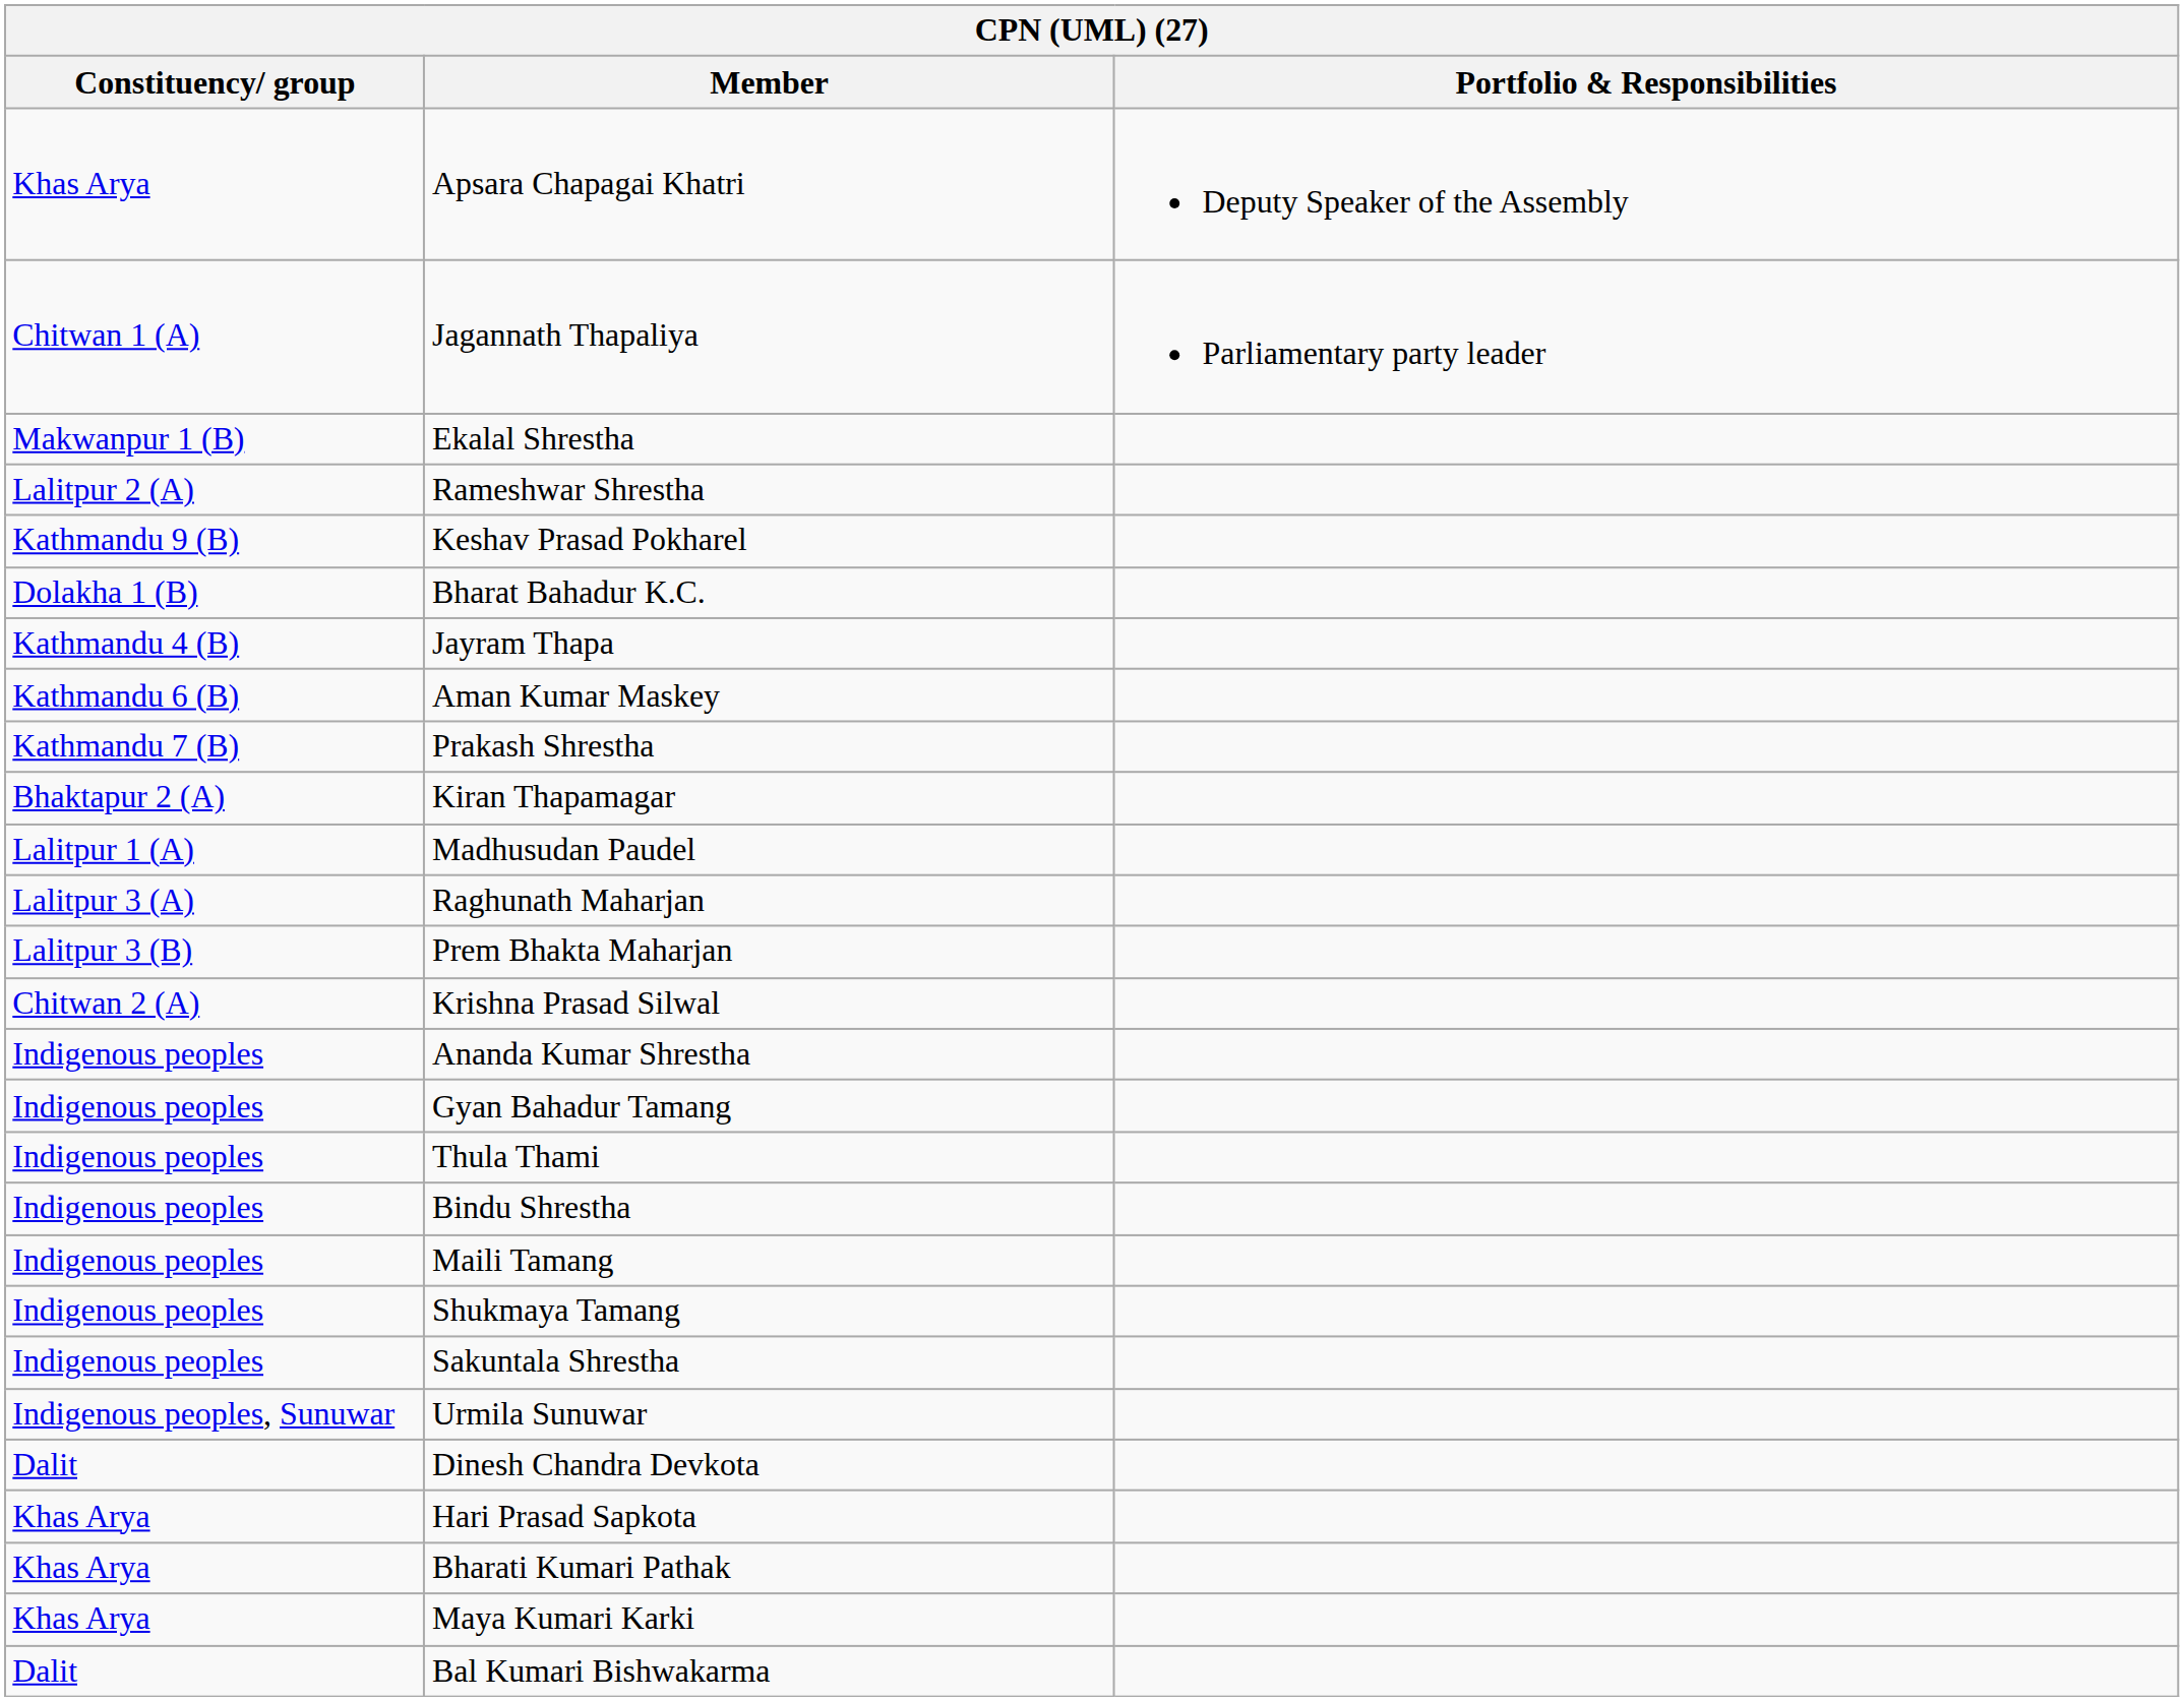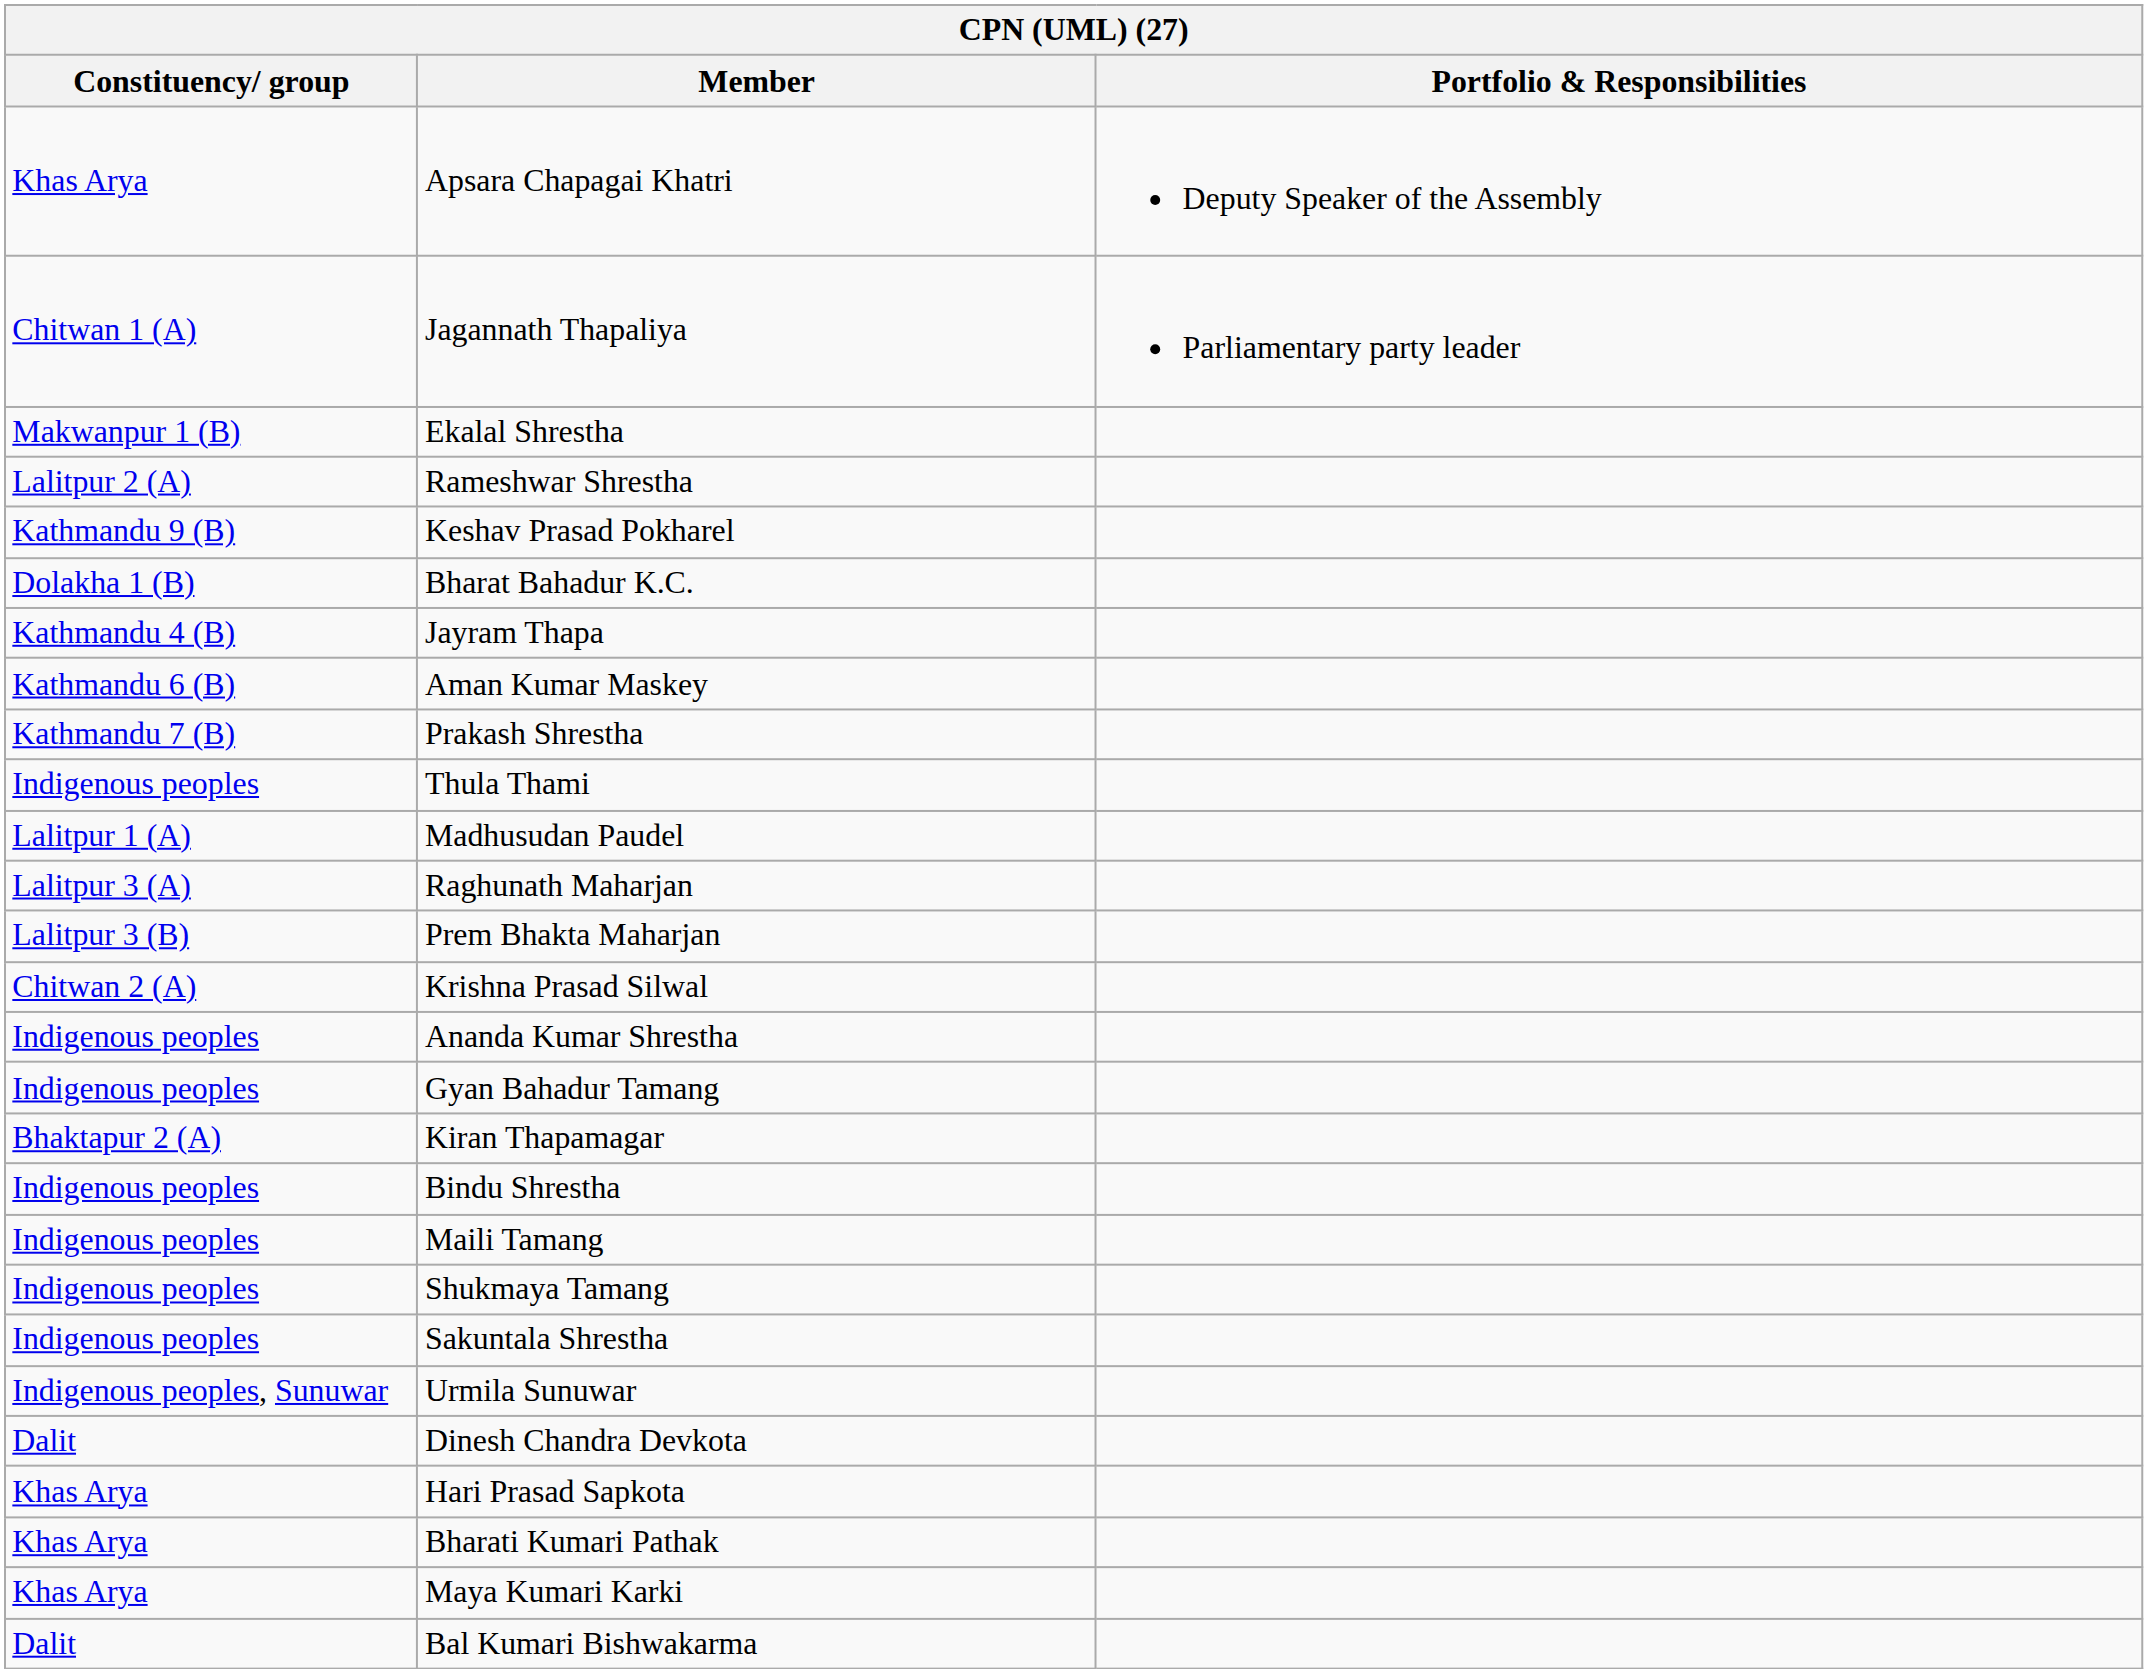 <table class="wikitable sortable mw-collapsible mw-collapsed">
 <tr>
 <th colspan="3" style="width: 800pt; background:">CPN (UML) (27)</th>
 </tr>
 <tr>
 <th style="width:150pt;">Constituency/ group</th>
 <th style="width:250pt;">Member</th>
 <th>Portfolio & Responsibilities</th>
 </tr>
 <tr>
 <td><a href='#'>Khas Arya</a></td>
 <td>Apsara Chapagai Khatri</td>
 <td><br><ul><li>Deputy Speaker of the Assembly</li></ul></td>
 </tr>
 <tr>
 <td><a href='#'>Chitwan 1 (A)</a></td>
 <td>Jagannath Thapaliya</td>
 <td><br><ul><li>Parliamentary party leader</li></ul></td>
 </tr>
 <tr>
 <td><a href='#'>Makwanpur 1 (B)</a></td>
 <td>Ekalal Shrestha</td>
 <td></td>
 </tr>
 <tr>
 <td><a href='#'>Lalitpur 2 (A)</a></td>
 <td>Rameshwar Shrestha</td>
 <td></td>
 </tr>
 <tr>
 <td><a href='#'>Kathmandu 9 (B)</a></td>
 <td>Keshav Prasad Pokharel</td>
 <td></td>
 </tr>
 <tr>
 <td><a href='#'>Dolakha 1 (B)</a></td>
 <td>Bharat Bahadur K.C.</td>
 <td></td>
 </tr>
 <tr>
 <td><a href='#'>Kathmandu 4 (B)</a></td>
 <td>Jayram Thapa</td>
 <td></td>
 </tr>
 <tr>
 <td><a href='#'>Kathmandu 6 (B)</a></td>
 <td>Aman Kumar Maskey</td>
 <td></td>
 </tr>
 <tr>
 <td><a href='#'>Kathmandu 7 (B)</a></td>
 <td>Prakash Shrestha</td>
 <td></td>
 </tr>
 <tr>
-<td><a href='#'>Bhaktapur 2 (A)</a></td>
-<td>Kiran Thapamagar</td>
+<td><a href='#'>Indigenous peoples</a></td>
+<td>Thula Thami</td>
 <td></td>
 </tr>
 <tr>
 <td><a href='#'>Lalitpur 1 (A)</a></td>
 <td>Madhusudan Paudel</td>
 <td></td>
 </tr>
 <tr>
 <td><a href='#'>Lalitpur 3 (A)</a></td>
 <td>Raghunath Maharjan</td>
 <td></td>
 </tr>
 <tr>
 <td><a href='#'>Lalitpur 3 (B)</a></td>
 <td>Prem Bhakta Maharjan</td>
 <td></td>
 </tr>
 <tr>
 <td><a href='#'>Chitwan 2 (A)</a></td>
 <td>Krishna Prasad Silwal</td>
 <td></td>
 </tr>
 <tr>
 <td><a href='#'>Indigenous peoples</a></td>
 <td>Ananda Kumar Shrestha</td>
 <td></td>
 </tr>
 <tr>
 <td><a href='#'>Indigenous peoples</a></td>
 <td>Gyan Bahadur Tamang</td>
 <td></td>
 </tr>
 <tr>
-<td><a href='#'>Indigenous peoples</a></td>
-<td>Thula Thami</td>
+<td><a href='#'>Bhaktapur 2 (A)</a></td>
+<td>Kiran Thapamagar</td>
 <td></td>
 </tr>
 <tr>
 <td><a href='#'>Indigenous peoples</a></td>
 <td>Bindu Shrestha</td>
 <td></td>
 </tr>
 <tr>
 <td><a href='#'>Indigenous peoples</a></td>
 <td>Maili Tamang</td>
 <td></td>
 </tr>
 <tr>
 <td><a href='#'>Indigenous peoples</a></td>
 <td>Shukmaya Tamang</td>
 <td></td>
 </tr>
 <tr>
 <td><a href='#'>Indigenous peoples</a></td>
 <td>Sakuntala Shrestha</td>
 <td></td>
 </tr>
 <tr>
 <td><a href='#'>Indigenous peoples</a>, <a href='#'>Sunuwar</a></td>
 <td>Urmila Sunuwar</td>
 <td></td>
 </tr>
 <tr>
 <td><a href='#'>Dalit</a></td>
 <td>Dinesh Chandra Devkota</td>
 <td></td>
 </tr>
 <tr>
 <td><a href='#'>Khas Arya</a></td>
 <td>Hari Prasad Sapkota</td>
 <td></td>
 </tr>
 <tr>
 <td><a href='#'>Khas Arya</a></td>
 <td>Bharati Kumari Pathak</td>
 <td></td>
 </tr>
 <tr>
 <td><a href='#'>Khas Arya</a></td>
 <td>Maya Kumari Karki</td>
 <td></td>
 </tr>
 <tr>
 <td><a href='#'>Dalit</a></td>
 <td>Bal Kumari Bishwakarma</td>
 <td></td>
 </tr>
 </table>
